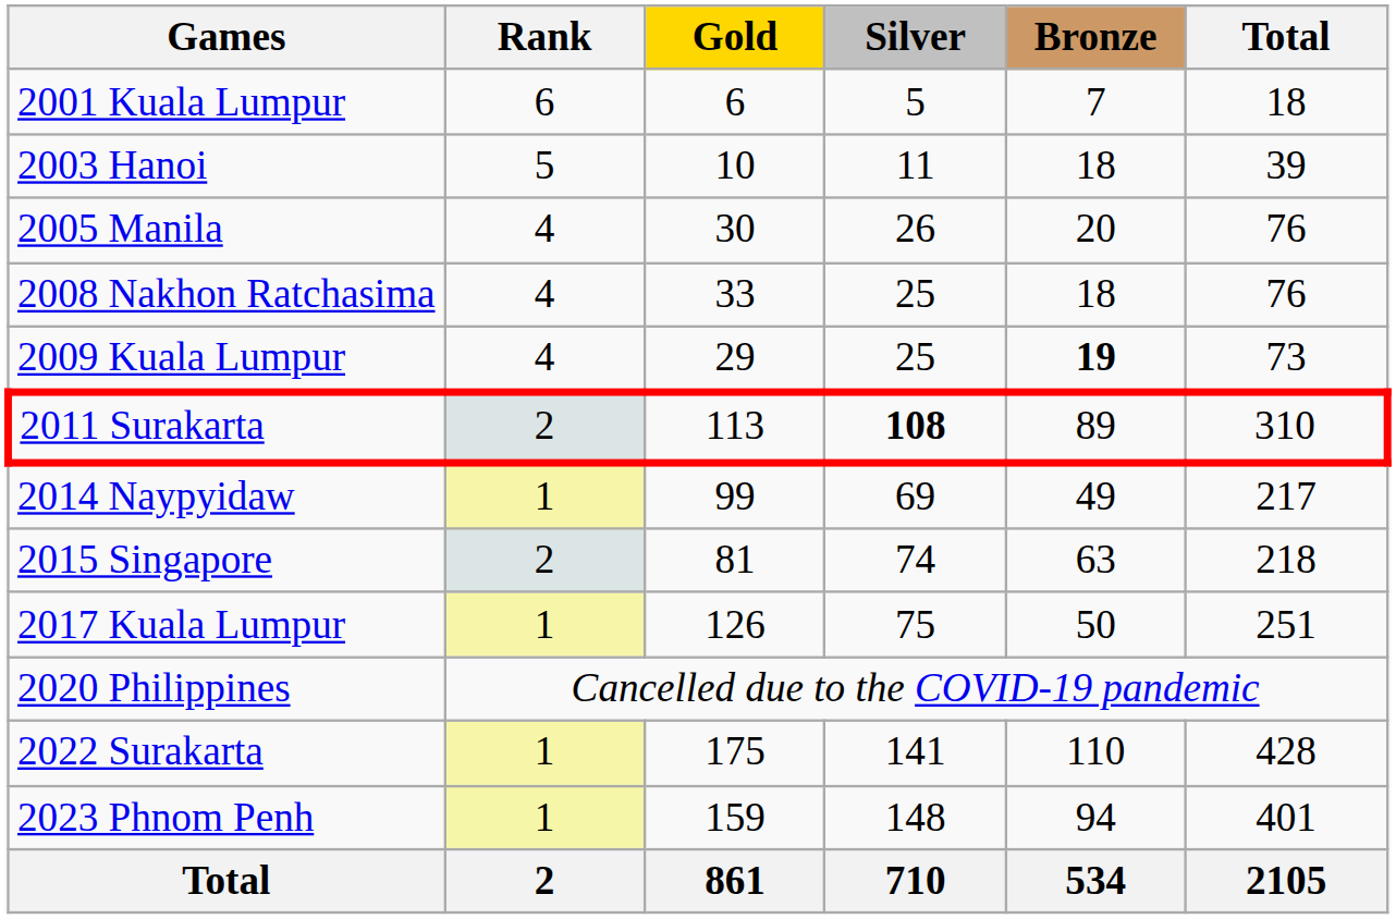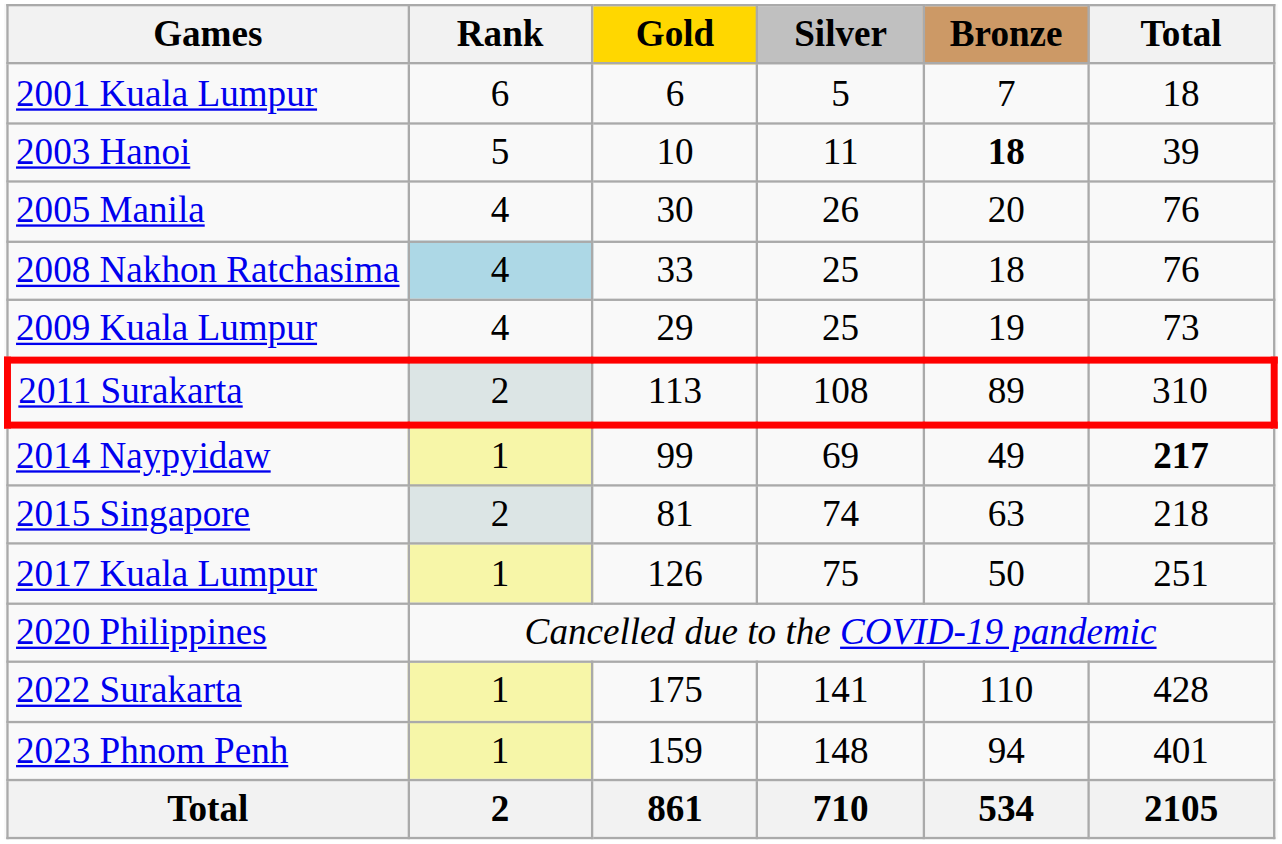 <table class="wikitable sortable" style="margin-top:0em; text-align:center; font-size:100%;">
 <tr>
 <th>Games</th>
 <th style="width:4.5em;">Rank</th>
 <th style="background:gold; width:4em;"><strong>Gold</strong></th>
 <th style="background:silver; width:4em;"><strong>Silver</strong></th>
 <th style="background:#cc9966; width:4em;"><strong>Bronze</strong></th>
 <th style="width:4.5em;">Total</th>
 </tr>
 <tr>
 <td align=left> <a href='#'>2001 Kuala Lumpur</a></td>
 <td>6</td>
 <td>6</td>
 <td>5</td>
 <td>7</td>
 <td>18</td>
 </tr>
 <tr>
 <td align=left> <a href='#'>2003 Hanoi</a></td>
 <td>5</td>
 <td>10</td>
 <td>11</td>
-<td>18</td>
+<td><strong>18</strong></td>
 <td>39</td>
 </tr>
 <tr>
 <td align=left> <a href='#'>2005 Manila</a></td>
 <td>4</td>
 <td>30</td>
 <td>26</td>
 <td>20</td>
 <td>76</td>
 </tr>
 <tr>
 <td align=left> <a href='#'>2008 Nakhon Ratchasima</a></td>
-<td>4</td>
+<td style="background: lightblue;">4</td>
 <td>33</td>
 <td>25</td>
 <td>18</td>
 <td>76</td>
 </tr>
 <tr>
 <td align=left> <a href='#'>2009 Kuala Lumpur</a></td>
 <td>4</td>
 <td>29</td>
 <td>25</td>
-<td><strong>19</strong></td>
+<td>19</td>
 <td>73</td>
 </tr>
 <tr style="border: 3px solid red">
 <td align=left> <a href='#'>2011 Surakarta</a></td>
 <td bgcolor=dce5e5>2</td>
 <td>113</td>
-<td><strong>108</strong></td>
+<td>108</td>
 <td>89</td>
 <td>310</td>
 </tr>
 <tr>
 <td align=left> <a href='#'>2014 Naypyidaw</a></td>
 <td bgcolor=f7f6a8>1</td>
 <td>99</td>
 <td>69</td>
 <td>49</td>
-<td>217</td>
+<td><strong>217</strong></td>
 </tr>
 <tr>
 <td align=left> <a href='#'>2015 Singapore</a></td>
 <td bgcolor=dce5e5>2</td>
 <td>81</td>
 <td>74</td>
 <td>63</td>
 <td>218</td>
 </tr>
 <tr>
 <td align=left> <a href='#'>2017 Kuala Lumpur</a></td>
 <td bgcolor=f7f6a8>1</td>
 <td>126</td>
 <td>75</td>
 <td>50</td>
 <td>251</td>
 </tr>
 <tr>
 <td align=left> <a href='#'>2020 Philippines</a></td>
 <td colspan=5><em>Cancelled due to the <a href='#'>COVID-19 pandemic</a></em></td>
 </tr>
 <tr>
 <td align=left> <a href='#'>2022 Surakarta</a></td>
 <td bgcolor=f7f6a8>1</td>
 <td>175</td>
 <td>141</td>
 <td>110</td>
 <td>428</td>
 </tr>
 <tr>
 <td align=left> <a href='#'>2023 Phnom Penh</a></td>
 <td bgcolor=f6f6a8>1</td>
 <td>159</td>
 <td>148</td>
 <td>94</td>
 <td>401</td>
 </tr>
 <tr>
 <th>Total</th>
 <th>2</th>
 <th>861</th>
 <th>710</th>
 <th>534</th>
 <th>2105</th>
 </tr>
 </table>
